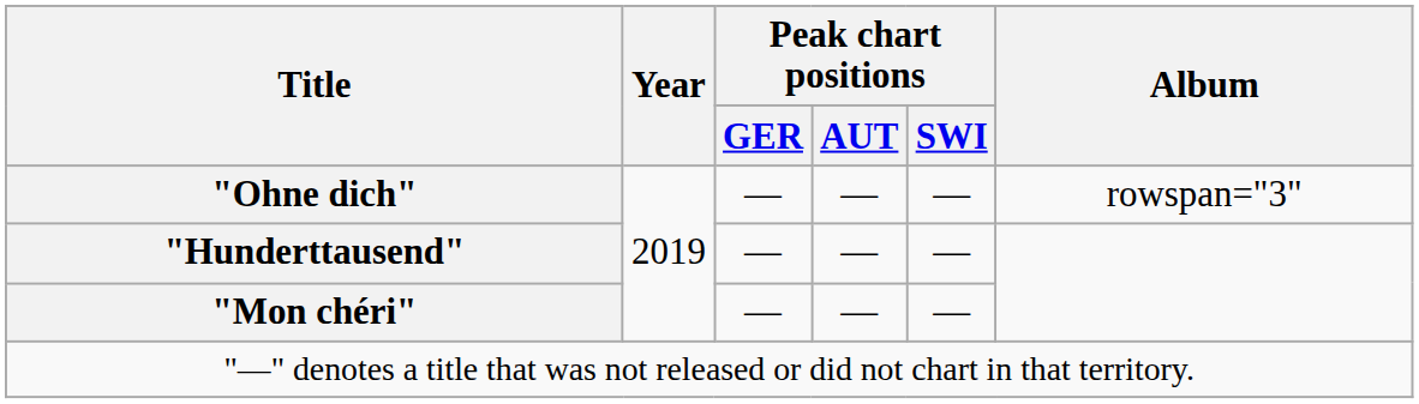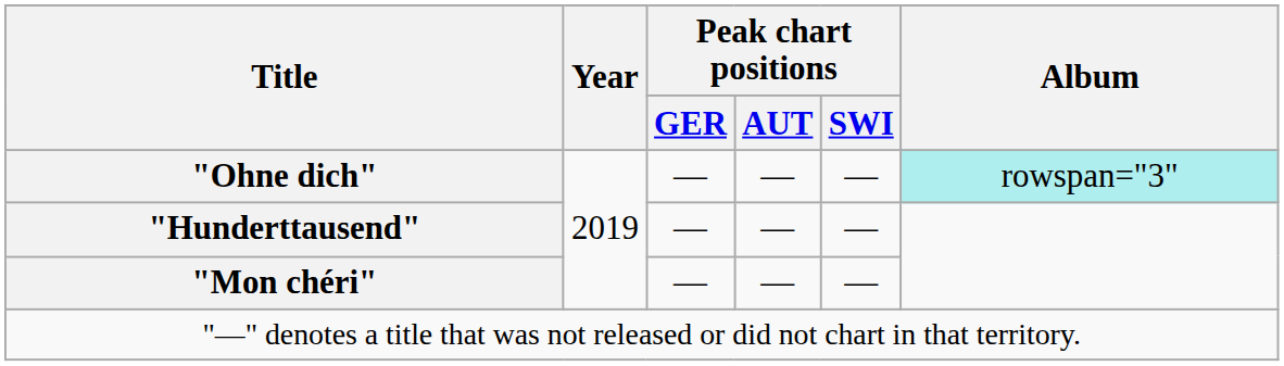 <table class="wikitable plainrowheaders" style="text-align:center;">
 <tr>
 <th rowspan="2" scope="col" style="width:18em;">Title</th>
 <th rowspan="2" scope="col">Year</th>
 <th colspan="3" scope="col">Peak chart positions</th>
 <th rowspan="2" scope="col" style="width:12em;">Album</th>
 </tr>
 <tr>
 <th><a href='#'>GER</a></th>
 <th><a href='#'>AUT</a></th>
 <th><a href='#'>SWI</a></th>
 </tr>
 <tr>
 <th scope="row">"Ohne dich"</th>
 <td rowspan="3">2019</td>
 <td>—</td>
 <td>—</td>
 <td>—</td>
-<td>rowspan="3" </td>
+<td style="background: paleturquoise;">rowspan="3" </td>
 </tr>
 <tr>
 <th scope="row">"Hunderttausend"</th>
 <td>—</td>
 <td>—</td>
 <td>—</td>
 </tr>
 <tr>
 <th scope="row">"Mon chéri"</th>
 <td>—</td>
 <td>—</td>
 <td>—</td>
 </tr>
 <tr>
 <td colspan="15" style="font-size:90%">"—" denotes a title that was not released or did not chart in that territory.</td>
 </tr>
 </table>
